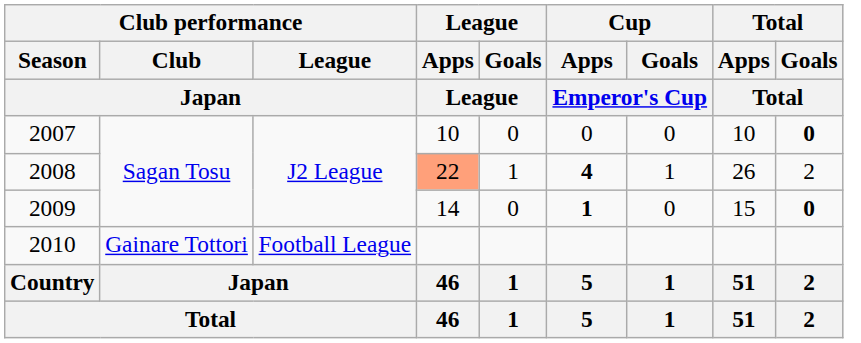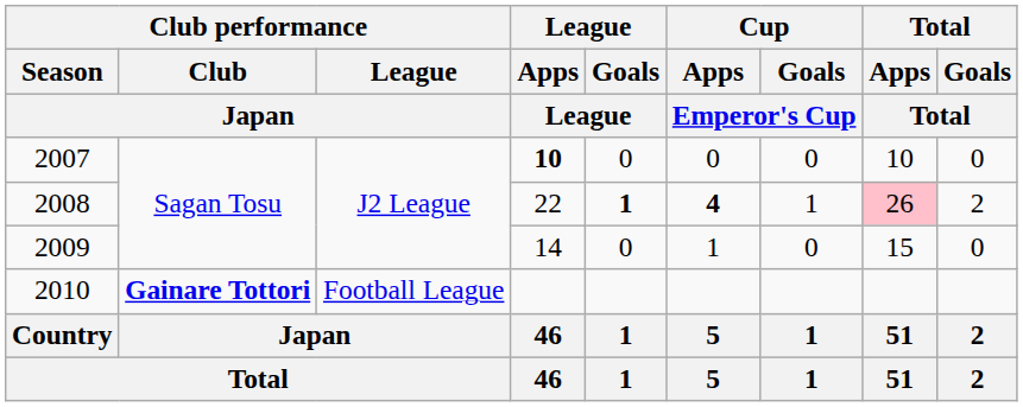 <table class="wikitable" style="text-align:center;">
 <tr>
 <th colspan=3>Club performance</th>
 <th colspan=2>League</th>
 <th colspan=2>Cup</th>
 <th colspan=2>Total</th>
 </tr>
 <tr>
 <th>Season</th>
 <th>Club</th>
 <th>League</th>
 <th>Apps</th>
 <th>Goals</th>
 <th>Apps</th>
 <th>Goals</th>
 <th>Apps</th>
 <th>Goals</th>
 </tr>
 <tr>
 <th colspan=3>Japan</th>
 <th colspan=2>League</th>
 <th colspan=2><a href='#'>Emperor's Cup</a></th>
 <th colspan=2>Total</th>
 </tr>
 <tr>
 <td>2007</td>
 <td rowspan="3"><a href='#'>Sagan Tosu</a></td>
 <td rowspan="3"><a href='#'>J2 League</a></td>
-<td>10</td>
+<td><strong>10</strong></td>
 <td>0</td>
 <td>0</td>
 <td>0</td>
 <td>10</td>
-<td><strong>0</strong></td>
+<td>0</td>
 </tr>
 <tr>
 <td>2008</td>
-<td style="background: lightsalmon;">22</td>
-<td>1</td>
+<td>22</td>
+<td><strong>1</strong></td>
 <td><strong>4</strong></td>
 <td>1</td>
-<td>26</td>
+<td style="background: pink;">26</td>
 <td>2</td>
 </tr>
 <tr>
 <td>2009</td>
 <td>14</td>
 <td>0</td>
-<td><strong>1</strong></td>
+<td>1</td>
 <td>0</td>
 <td>15</td>
-<td><strong>0</strong></td>
+<td>0</td>
 </tr>
 <tr>
 <td>2010</td>
-<td><a href='#'>Gainare Tottori</a></td>
+<td><strong><a href='#'>Gainare Tottori</a></strong></td>
 <td><a href='#'>Football League</a></td>
 <td></td>
 <td></td>
 <td></td>
 <td></td>
 <td></td>
 <td></td>
 </tr>
 <tr>
 <th rowspan=1>Country</th>
 <th colspan=2>Japan</th>
 <th>46</th>
 <th>1</th>
 <th>5</th>
 <th>1</th>
 <th>51</th>
 <th>2</th>
 </tr>
 <tr>
 <th colspan=3>Total</th>
 <th>46</th>
 <th>1</th>
 <th>5</th>
 <th>1</th>
 <th>51</th>
 <th>2</th>
 </tr>
 </table>
